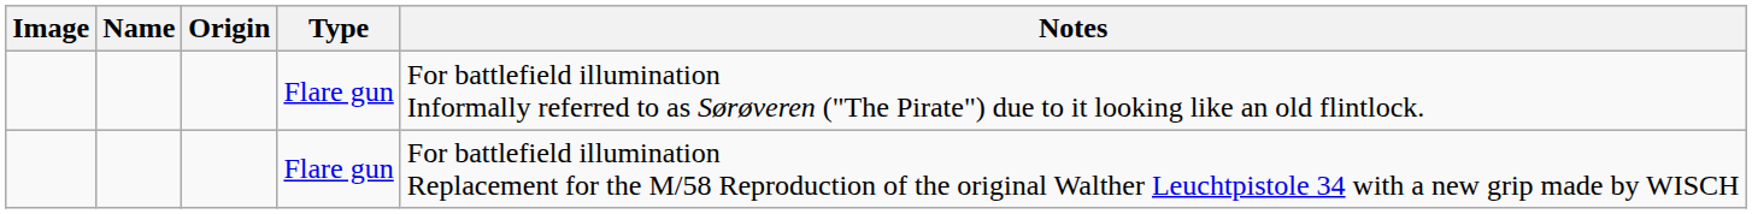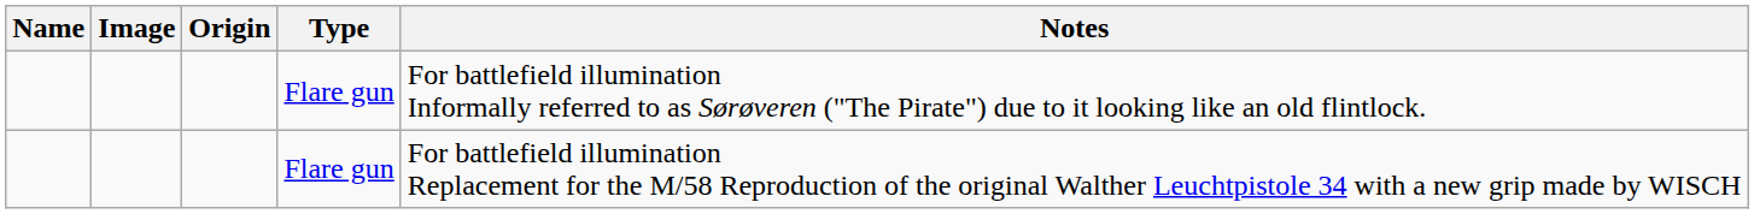 <table class="wikitable">
 <tr>
+<th>Name</th>
 <th>Image</th>
-<th>Name</th>
 <th>Origin</th>
 <th>Type</th>
 <th>Notes</th>
 </tr>
 <tr>
 <td></td>
 <td></td>
 <td></td>
 <td><a href='#'>Flare gun</a></td>
 <td>For battlefield illumination<br>Informally referred to as <em>Sørøveren</em> ("The Pirate") due to it looking like an old flintlock.</td>
 </tr>
 <tr>
 <td></td>
 <td></td>
 <td></td>
 <td><a href='#'>Flare gun</a></td>
 <td>For battlefield illumination<br>Replacement for the M/58 Reproduction of the original Walther <a href='#'>Leuchtpistole 34</a> with a new grip made by WISCH</td>
 </tr>
 </table>
